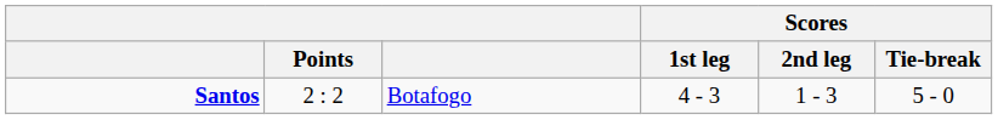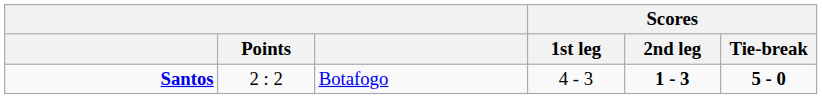 <table class="wikitable" style="text-align:center;">
 <tr>
 <th colspan=3></th>
 <th colspan=3>Scores</th>
 </tr>
 <tr>
 <th width="175"></th>
 <th width="75">Points</th>
 <th width="175"></th>
 <th width="75">1st leg</th>
 <th width="75">2nd leg</th>
 <th width="75">Tie-break</th>
 </tr>
 <tr>
 <td align=right><strong><a href='#'>Santos</a></strong></td>
 <td>2 : 2</td>
 <td align=left><a href='#'>Botafogo</a></td>
 <td>4 - 3</td>
-<td>1 - 3</td>
-<td>5 - 0</td>
+<td><strong>1 - 3</strong></td>
+<td><strong>5 - 0</strong></td>
 </tr>
 </table>
